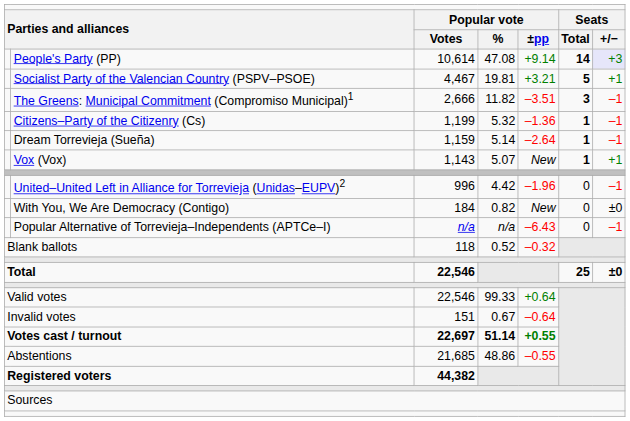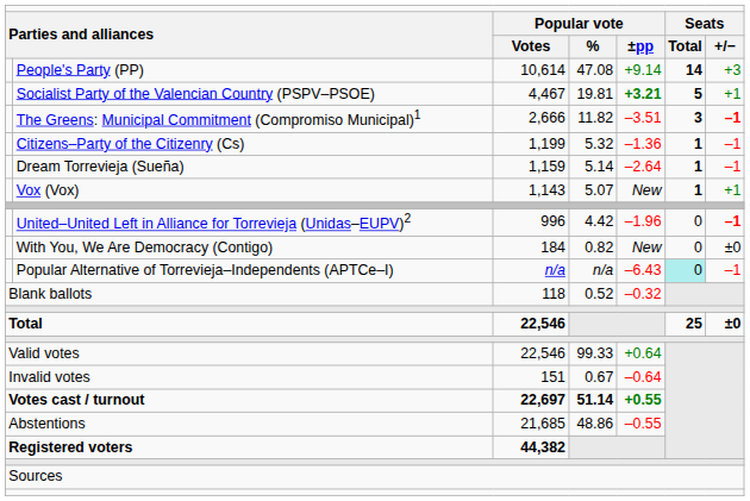 <table class="wikitable" style="text-align:right;">
 <tr>
 <td colspan="7"></td>
 </tr>
 <tr>
 <th style="text-align:left;" rowspan="2" colspan="2" width="525">Parties and alliances</th>
 <th colspan="3">Popular vote</th>
 <th colspan="2">Seats</th>
 </tr>
 <tr>
 <th width="75">Votes</th>
 <th width="45">%</th>
 <th width="45">±<a href='#'>pp</a></th>
 <th width="35">Total</th>
 <th width="35">+/−</th>
 </tr>
 <tr>
 <td width="1" style="color:inherit;background:"></td>
 <td align="left"><a href='#'>People's Party</a> (PP)</td>
 <td>10,614</td>
 <td>47.08</td>
 <td style="color:green;">+9.14</td>
 <td><strong>14</strong></td>
-<td style="background: lavender; color:green;">+3</td>
+<td style="color:green;">+3</td>
 </tr>
 <tr>
 <td style="color:inherit;background:"></td>
 <td align="left"><a href='#'>Socialist Party of the Valencian Country</a> (PSPV–PSOE)</td>
 <td>4,467</td>
 <td>19.81</td>
-<td style="color:green;">+3.21</td>
+<td style="color:green;"><strong>+3.21</strong></td>
 <td><strong>5</strong></td>
 <td style="color:green;">+1</td>
 </tr>
 <tr>
 <td style="color:inherit;background:"></td>
 <td align="left"><a href='#'>The Greens</a>: <a href='#'>Municipal Commitment</a> (Compromiso Municipal)<sup>1</sup></td>
 <td>2,666</td>
 <td>11.82</td>
 <td style="color:red;">–3.51</td>
 <td><strong>3</strong></td>
-<td style="color:red;">–1</td>
+<td style="color:red;"><strong>–1</strong></td>
 </tr>
 <tr>
 <td style="color:inherit;background:"></td>
 <td align="left"><a href='#'>Citizens–Party of the Citizenry</a> (Cs)</td>
 <td>1,199</td>
 <td>5.32</td>
 <td style="color:red;">–1.36</td>
 <td><strong>1</strong></td>
 <td style="color:red;">–1</td>
 </tr>
 <tr>
 <td style="color:inherit;background:"></td>
 <td align="left">Dream Torrevieja (Sueña)</td>
 <td>1,159</td>
 <td>5.14</td>
 <td style="color:red;">–2.64</td>
 <td><strong>1</strong></td>
 <td style="color:red;">–1</td>
 </tr>
 <tr>
 <td style="color:inherit;background:"></td>
 <td align="left"><a href='#'>Vox</a> (Vox)</td>
 <td>1,143</td>
 <td>5.07</td>
 <td><em>New</em></td>
 <td><strong>1</strong></td>
 <td style="color:green;">+1</td>
 </tr>
 <tr>
 <td colspan="7" bgcolor="#C0C0C0"></td>
 </tr>
 <tr>
 <td style="color:inherit;background:"></td>
 <td align="left"><a href='#'>United–United Left in Alliance for Torrevieja</a> (<a href='#'>Unidas</a>–<a href='#'>EUPV</a>)<sup>2</sup></td>
 <td>996</td>
 <td>4.42</td>
 <td style="color:red;">–1.96</td>
 <td>0</td>
-<td style="color:red;">–1</td>
+<td style="color:red;"><strong>–1</strong></td>
 </tr>
 <tr>
 <td style="color:inherit;background:"></td>
 <td align="left">With You, We Are Democracy (Contigo)</td>
 <td>184</td>
 <td>0.82</td>
 <td><em>New</em></td>
 <td>0</td>
 <td>±0</td>
 </tr>
 <tr>
 <td style="color:inherit;background:"></td>
 <td align="left">Popular Alternative of Torrevieja–Independents (APTCe–I)</td>
 <td><em><a href='#'>n/a</a></em></td>
 <td><em>n/a</em></td>
 <td style="color:red;">–6.43</td>
-<td>0</td>
+<td style="background: paleturquoise;">0</td>
 <td style="color:red;">–1</td>
 </tr>
 <tr>
 <td align="left" colspan="2">Blank ballots</td>
 <td>118</td>
 <td>0.52</td>
 <td style="color:red;">–0.32</td>
 <td bgcolor="#E9E9E9" colspan="2"></td>
 </tr>
 <tr>
 <td colspan="7" bgcolor="#E9E9E9"></td>
 </tr>
 <tr style="font-weight:bold;">
 <td align="left" colspan="2">Total</td>
 <td>22,546</td>
 <td bgcolor="#E9E9E9" colspan="2"></td>
 <td>25</td>
 <td>±0</td>
 </tr>
 <tr>
 <td colspan="7" bgcolor="#E9E9E9"></td>
 </tr>
 <tr>
 <td align="left" colspan="2">Valid votes</td>
 <td>22,546</td>
 <td>99.33</td>
 <td style="color:green;">+0.64</td>
 <td bgcolor="#E9E9E9" colspan="2" rowspan="5"></td>
 </tr>
 <tr>
 <td align="left" colspan="2">Invalid votes</td>
 <td>151</td>
 <td>0.67</td>
 <td style="color:red;">–0.64</td>
 </tr>
 <tr style="font-weight:bold;">
 <td align="left" colspan="2">Votes cast / turnout</td>
 <td>22,697</td>
 <td>51.14</td>
 <td style="color:green;">+0.55</td>
 </tr>
 <tr>
 <td align="left" colspan="2">Abstentions</td>
 <td>21,685</td>
 <td>48.86</td>
 <td style="color:red;">–0.55</td>
 </tr>
 <tr style="font-weight:bold;">
 <td align="left" colspan="2">Registered voters</td>
 <td>44,382</td>
 <td bgcolor="#E9E9E9" colspan="2"></td>
 </tr>
 <tr>
 <td colspan="7" bgcolor="#E9E9E9"></td>
 </tr>
 <tr>
 <td align="left" colspan="7">Sources</td>
 </tr>
 <tr>
 <td colspan="7" style="text-align:left; max-width:790px;"></td>
 </tr>
 </table>
